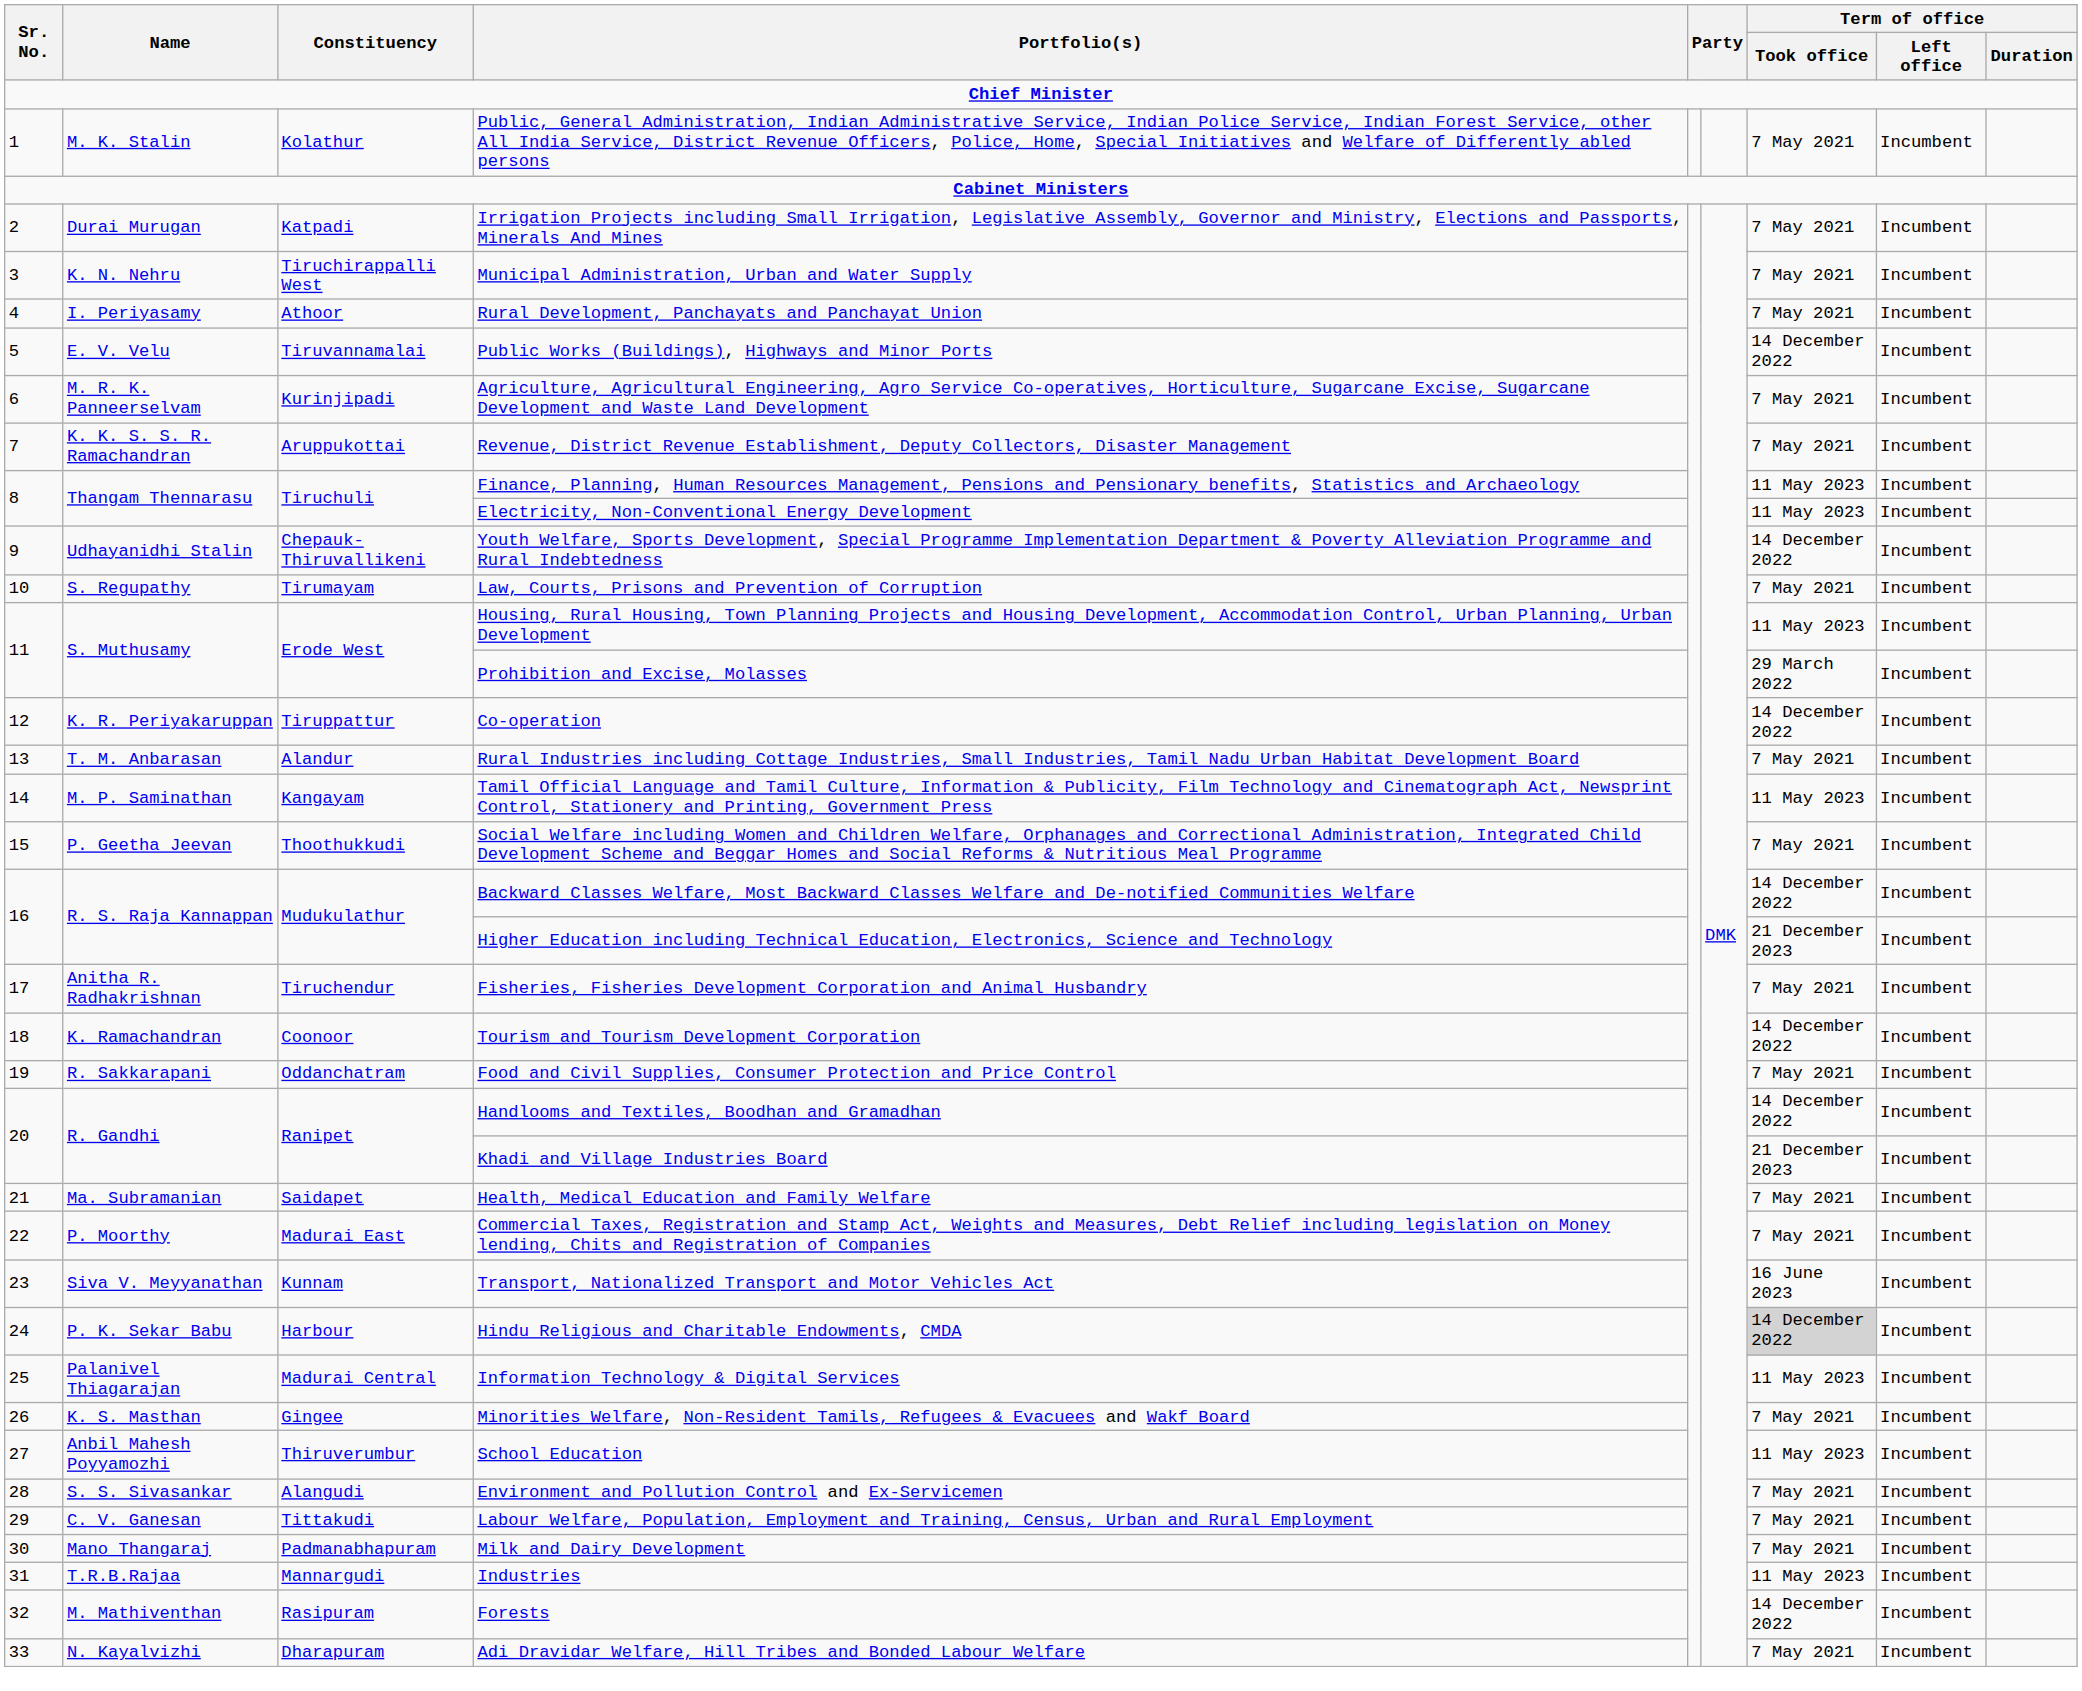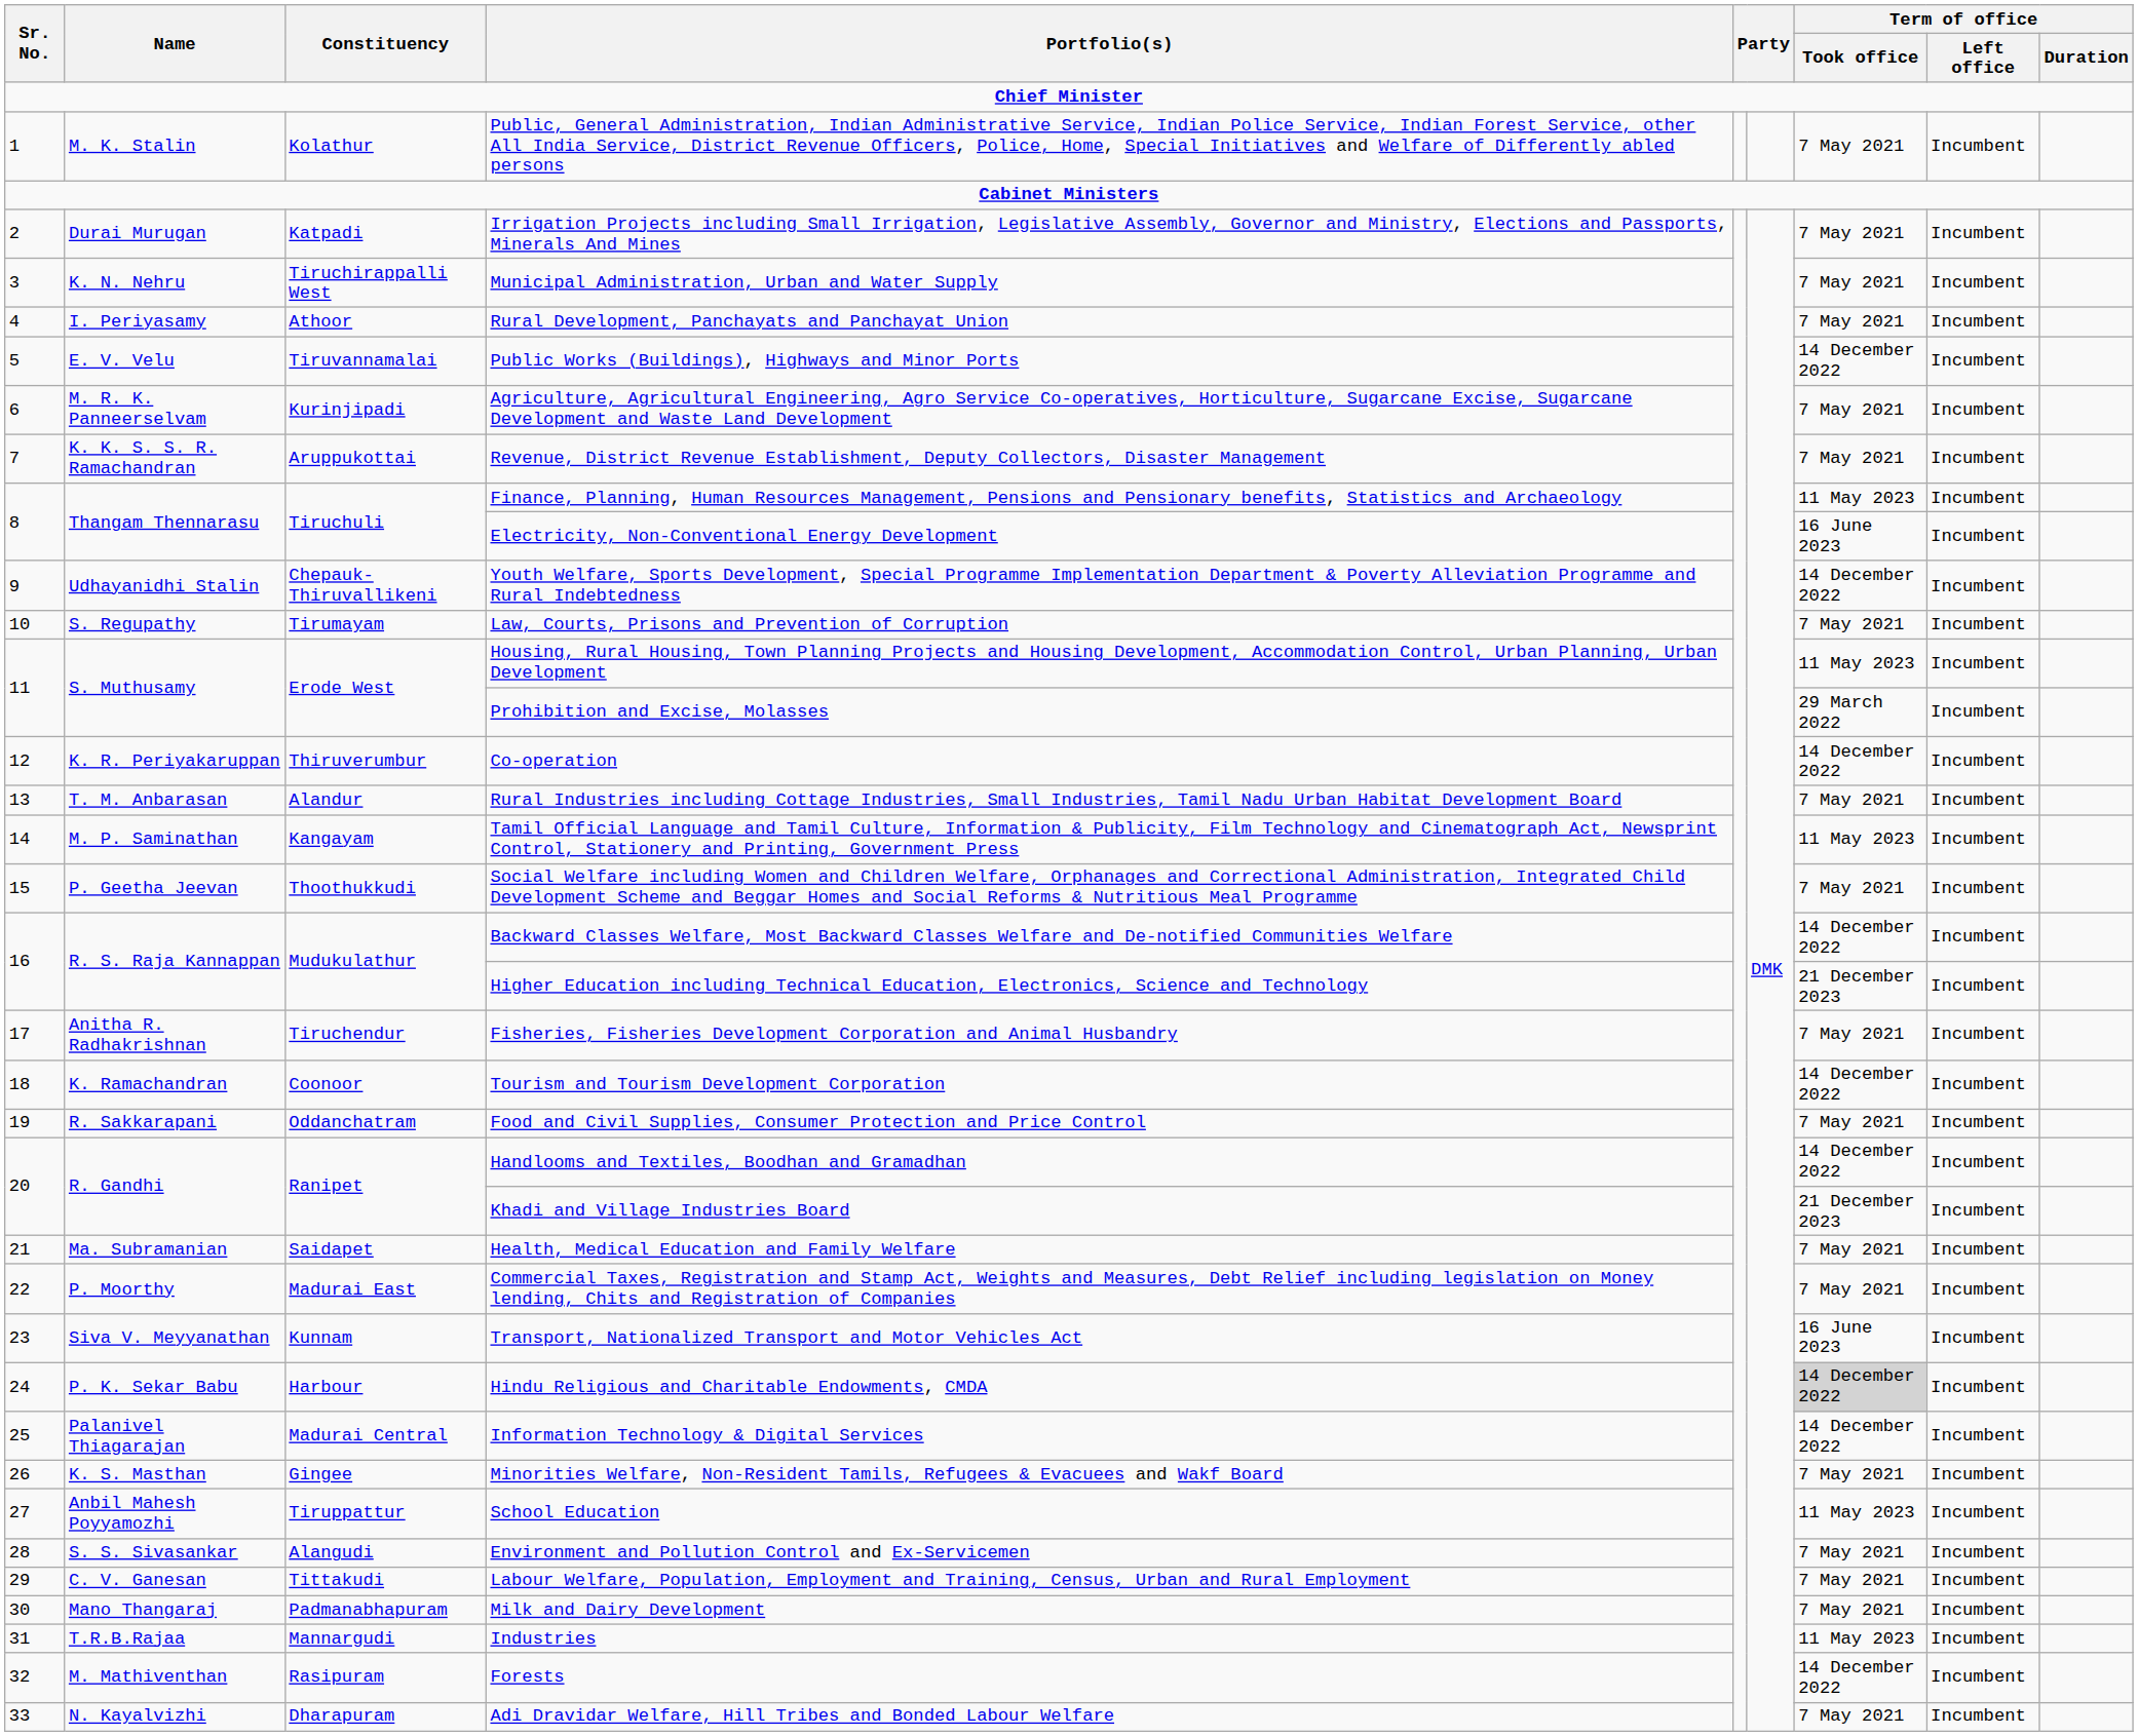 <table class="wikitable sortable" style="text-align:left;"style="font-size: 85%">
 <tr>
 <th rowspan = "2">Sr. No.</th>
 <th rowspan = "2">Name</th>
 <th rowspan = "2">Constituency</th>
 <th rowspan = "2">Portfolio(s)</th>
 <th rowspan = "2" colspan="2" scope="col">Party</th>
 <th colspan="3">Term of office</th>
 </tr>
 <tr>
 <th>Took office</th>
 <th>Left office</th>
 <th>Duration</th>
 </tr>
 <tr>
 <td colspan="9" style="text-align: center;"><strong><a href='#'>Chief Minister</a></strong></td>
 </tr>
 <tr>
 <td>1</td>
 <td><a href='#'>M. K. Stalin</a></td>
 <td><a href='#'>Kolathur</a></td>
 <td><a href='#'>Public, General Administration, Indian Administrative Service, Indian Police Service, Indian Forest Service, other All India Service, District Revenue Officers</a>, <a href='#'>Police, Home</a>, <a href='#'>Special Initiatives</a> and <a href='#'>Welfare of Differently abled persons</a></td>
 <td rowspan="1" width="4px"></td>
 <td></td>
 <td>7 May 2021</td>
 <td>Incumbent</td>
 <td></td>
 </tr>
 <tr>
 <td colspan="9" style="text-align: center;"><strong><a href='#'>Cabinet Ministers</a></strong></td>
 </tr>
 <tr>
 <td>2</td>
 <td><a href='#'>Durai Murugan</a></td>
 <td><a href='#'>Katpadi</a></td>
 <td><a href='#'>Irrigation Projects including Small Irrigation</a>, <a href='#'>Legislative Assembly, Governor and Ministry</a>, <a href='#'>Elections and Passports</a>, <a href='#'>Minerals And Mines</a></td>
 <td rowspan="37" width="4px"></td>
 <td rowspan="36"><a href='#'>DMK</a></td>
 <td>7 May 2021</td>
 <td>Incumbent</td>
 <td></td>
 </tr>
 <tr>
 <td>3</td>
 <td><a href='#'>K. N. Nehru</a></td>
 <td><a href='#'>Tiruchirappalli West</a></td>
 <td><a href='#'>Municipal Administration, Urban and Water Supply</a></td>
 <td>7 May 2021</td>
 <td>Incumbent</td>
 <td></td>
 </tr>
 <tr>
 <td>4</td>
 <td><a href='#'>I. Periyasamy</a></td>
 <td><a href='#'>Athoor</a></td>
 <td><a href='#'>Rural Development, Panchayats and Panchayat Union</a></td>
 <td>7 May 2021</td>
 <td>Incumbent</td>
 <td></td>
 </tr>
 <tr>
 <td>5</td>
 <td><a href='#'>E. V. Velu</a></td>
 <td><a href='#'>Tiruvannamalai</a></td>
 <td><a href='#'>Public Works (Buildings)</a>, <a href='#'>Highways and Minor Ports</a></td>
 <td>14 December 2022</td>
 <td>Incumbent</td>
 <td></td>
 </tr>
 <tr>
 <td>6</td>
 <td><a href='#'>M. R. K. Panneerselvam</a></td>
 <td><a href='#'>Kurinjipadi</a></td>
 <td><a href='#'>Agriculture, Agricultural Engineering, Agro Service Co-operatives, Horticulture, Sugarcane Excise,  Sugarcane Development and Waste Land Development</a></td>
 <td>7 May 2021</td>
 <td>Incumbent</td>
 <td></td>
 </tr>
 <tr>
 <td>7</td>
 <td><a href='#'>K. K. S. S. R. Ramachandran</a></td>
 <td><a href='#'>Aruppukottai</a></td>
 <td><a href='#'>Revenue, District Revenue Establishment, Deputy Collectors, Disaster Management</a></td>
 <td>7 May 2021</td>
 <td>Incumbent</td>
 <td></td>
 </tr>
 <tr>
 <td rowspan="2">8</td>
 <td rowspan="2"><a href='#'>Thangam Thennarasu</a></td>
 <td rowspan="2"><a href='#'>Tiruchuli</a></td>
 <td><a href='#'>Finance, Planning</a>, <a href='#'>Human Resources Management, Pensions and Pensionary benefits</a>, <a href='#'>Statistics and Archaeology</a></td>
 <td>11 May 2023</td>
 <td>Incumbent</td>
 <td></td>
 </tr>
 <tr>
 <td><a href='#'>Electricity, Non-Conventional Energy Development</a></td>
-<td>11 May 2023</td>
+<td>16 June 2023</td>
 <td>Incumbent</td>
 <td></td>
 </tr>
 <tr>
 <td>9</td>
 <td><a href='#'>Udhayanidhi Stalin</a></td>
 <td><a href='#'>Chepauk-Thiruvallikeni</a></td>
 <td><a href='#'>Youth Welfare, Sports Development</a>, <a href='#'>Special Programme Implementation Department & Poverty Alleviation Programme and Rural Indebtedness</a></td>
 <td>14 December 2022</td>
 <td>Incumbent</td>
 <td></td>
 </tr>
 <tr>
 <td>10</td>
 <td><a href='#'>S. Regupathy</a></td>
 <td><a href='#'>Tirumayam</a></td>
 <td><a href='#'>Law, Courts, Prisons and Prevention of Corruption</a></td>
 <td>7 May 2021</td>
 <td>Incumbent</td>
 <td></td>
 </tr>
 <tr>
 <td rowspan="2">11</td>
 <td rowspan="2"><a href='#'>S. Muthusamy</a></td>
 <td rowspan="2"><a href='#'>Erode West</a></td>
 <td><a href='#'>Housing, Rural Housing, Town Planning Projects and Housing Development, Accommodation Control, Urban Planning, Urban Development</a></td>
 <td>11 May 2023</td>
 <td>Incumbent</td>
 <td></td>
 </tr>
 <tr>
 <td><a href='#'>Prohibition and Excise, Molasses</a></td>
 <td>29 March 2022</td>
 <td>Incumbent</td>
 <td></td>
 </tr>
 <tr>
 <td>12</td>
 <td><a href='#'>K. R. Periyakaruppan</a></td>
-<td><a href='#'>Tiruppattur</a></td>
+<td><a href='#'>Thiruverumbur</a></td>
 <td><a href='#'>Co-operation</a></td>
 <td>14 December 2022</td>
 <td>Incumbent</td>
 <td></td>
 </tr>
 <tr>
 <td>13</td>
 <td><a href='#'>T. M. Anbarasan</a></td>
 <td><a href='#'>Alandur</a></td>
 <td><a href='#'>Rural Industries including Cottage Industries, Small Industries, Tamil Nadu Urban Habitat Development Board</a></td>
 <td>7 May 2021</td>
 <td>Incumbent</td>
 <td></td>
 </tr>
 <tr>
 <td>14</td>
 <td><a href='#'>M. P. Saminathan</a></td>
 <td><a href='#'>Kangayam</a></td>
 <td><a href='#'>Tamil Official Language and Tamil Culture, Information & Publicity, Film Technology and Cinematograph Act, Newsprint Control, Stationery and Printing, Government Press</a></td>
 <td>11 May 2023</td>
 <td>Incumbent</td>
 <td></td>
 </tr>
 <tr>
 <td>15</td>
 <td><a href='#'>P. Geetha Jeevan</a></td>
 <td><a href='#'>Thoothukkudi</a></td>
 <td><a href='#'>Social Welfare including Women and Children Welfare, Orphanages and Correctional Administration, Integrated Child Development Scheme and Beggar Homes and Social Reforms & Nutritious Meal Programme</a></td>
 <td>7 May 2021</td>
 <td>Incumbent</td>
 <td></td>
 </tr>
 <tr>
 <td rowspan="2">16</td>
 <td rowspan="2"><a href='#'>R. S. Raja Kannappan</a></td>
 <td rowspan="2"><a href='#'>Mudukulathur</a></td>
 <td><a href='#'>Backward Classes Welfare, Most Backward Classes Welfare and De-notified  Communities Welfare</a></td>
 <td>14 December 2022</td>
 <td>Incumbent</td>
 <td></td>
 </tr>
 <tr>
 <td><a href='#'>Higher Education including Technical Education, Electronics, Science and  Technology</a></td>
 <td>21 December 2023</td>
 <td>Incumbent</td>
 <td></td>
 </tr>
 <tr>
 <td>17</td>
 <td><a href='#'>Anitha R. Radhakrishnan</a></td>
 <td><a href='#'>Tiruchendur</a></td>
 <td><a href='#'>Fisheries, Fisheries Development Corporation and Animal Husbandry</a></td>
 <td>7 May 2021</td>
 <td>Incumbent</td>
 <td></td>
 </tr>
 <tr>
 <td>18</td>
 <td><a href='#'>K. Ramachandran</a></td>
 <td><a href='#'>Coonoor</a></td>
 <td><a href='#'>Tourism and Tourism Development Corporation</a></td>
 <td>14 December 2022</td>
 <td>Incumbent</td>
 <td></td>
 </tr>
 <tr>
 <td>19</td>
 <td><a href='#'>R. Sakkarapani</a></td>
 <td><a href='#'>Oddanchatram</a></td>
 <td><a href='#'>Food and Civil Supplies, Consumer Protection and Price Control</a></td>
 <td>7 May 2021</td>
 <td>Incumbent</td>
 <td></td>
 </tr>
 <tr>
 <td rowspan="2">20</td>
 <td rowspan="2"><a href='#'>R. Gandhi</a></td>
 <td rowspan="2"><a href='#'>Ranipet</a></td>
 <td><a href='#'>Handlooms and Textiles, Boodhan and Gramadhan</a></td>
 <td>14 December 2022</td>
 <td>Incumbent</td>
 <td></td>
 </tr>
 <tr>
 <td><a href='#'>Khadi and Village Industries Board</a></td>
 <td>21 December 2023</td>
 <td>Incumbent</td>
 <td></td>
 </tr>
 <tr>
 <td>21</td>
 <td><a href='#'>Ma. Subramanian</a></td>
 <td><a href='#'>Saidapet</a></td>
 <td><a href='#'>Health, Medical Education and Family Welfare</a></td>
 <td>7 May 2021</td>
 <td>Incumbent</td>
 <td></td>
 </tr>
 <tr>
 <td>22</td>
 <td><a href='#'>P. Moorthy</a></td>
 <td><a href='#'>Madurai East</a></td>
 <td><a href='#'>Commercial Taxes, Registration and Stamp Act, Weights and Measures, Debt Relief including legislation on Money lending, Chits and Registration of Companies</a></td>
 <td>7 May 2021</td>
 <td>Incumbent</td>
 <td></td>
 </tr>
 <tr>
 <td>23</td>
 <td><a href='#'>Siva V. Meyyanathan</a></td>
 <td><a href='#'>Kunnam</a></td>
 <td><a href='#'>Transport, Nationalized Transport and Motor Vehicles Act</a></td>
 <td>16 June 2023</td>
 <td>Incumbent</td>
 <td></td>
 </tr>
 <tr>
 <td>24</td>
 <td><a href='#'>P. K. Sekar Babu</a></td>
 <td><a href='#'>Harbour</a></td>
 <td><a href='#'>Hindu Religious and Charitable Endowments</a>, <a href='#'>CMDA</a></td>
 <td style="background: lightgrey;">14 December 2022</td>
 <td>Incumbent</td>
 <td></td>
 </tr>
 <tr>
 <td>25</td>
 <td><a href='#'>Palanivel Thiagarajan</a></td>
 <td><a href='#'>Madurai Central</a></td>
 <td><a href='#'>Information Technology & Digital Services</a></td>
-<td>11 May 2023</td>
+<td>14 December 2022</td>
 <td>Incumbent</td>
 <td></td>
 </tr>
 <tr>
 <td>26</td>
 <td><a href='#'>K. S. Masthan</a></td>
 <td><a href='#'>Gingee</a></td>
 <td><a href='#'>Minorities Welfare</a>, <a href='#'>Non-Resident Tamils, Refugees & Evacuees</a> and <a href='#'>Wakf Board</a></td>
 <td>7 May 2021</td>
 <td>Incumbent</td>
 <td></td>
 </tr>
 <tr>
 <td>27</td>
 <td><a href='#'>Anbil Mahesh Poyyamozhi</a></td>
-<td><a href='#'>Thiruverumbur</a></td>
+<td><a href='#'>Tiruppattur</a></td>
 <td><a href='#'>School Education</a></td>
 <td>11 May 2023</td>
 <td>Incumbent</td>
 <td></td>
 </tr>
 <tr>
 <td>28</td>
 <td><a href='#'>S. S. Sivasankar</a></td>
 <td><a href='#'>Alangudi</a></td>
 <td><a href='#'>Environment and Pollution Control</a> and <a href='#'>Ex-Servicemen</a></td>
 <td>7 May 2021</td>
 <td>Incumbent</td>
 <td></td>
 </tr>
 <tr>
 <td>29</td>
 <td><a href='#'>C. V. Ganesan</a></td>
 <td><a href='#'>Tittakudi</a></td>
 <td><a href='#'>Labour Welfare, Population, Employment and Training, Census, Urban and Rural Employment</a></td>
 <td>7 May 2021</td>
 <td>Incumbent</td>
 <td></td>
 </tr>
 <tr>
 <td>30</td>
 <td><a href='#'>Mano Thangaraj</a></td>
 <td><a href='#'>Padmanabhapuram</a></td>
 <td><a href='#'>Milk and Dairy Development</a></td>
 <td>7 May 2021</td>
 <td>Incumbent</td>
 <td></td>
 </tr>
 <tr>
 <td>31</td>
 <td><a href='#'>T.R.B.Rajaa</a></td>
 <td><a href='#'>Mannargudi</a></td>
 <td><a href='#'>Industries</a></td>
 <td>11 May 2023</td>
 <td>Incumbent</td>
 <td></td>
 </tr>
 <tr>
 <td>32</td>
 <td><a href='#'>M. Mathiventhan</a></td>
 <td><a href='#'>Rasipuram</a></td>
 <td><a href='#'>Forests</a></td>
 <td>14 December 2022</td>
 <td>Incumbent</td>
 <td></td>
 </tr>
 <tr>
 <td>33</td>
 <td><a href='#'>N. Kayalvizhi</a></td>
 <td><a href='#'>Dharapuram</a></td>
 <td><a href='#'>Adi Dravidar Welfare, Hill Tribes and Bonded Labour Welfare</a></td>
 <td>7 May 2021</td>
 <td>Incumbent</td>
 <td></td>
 </tr>
 </table>
